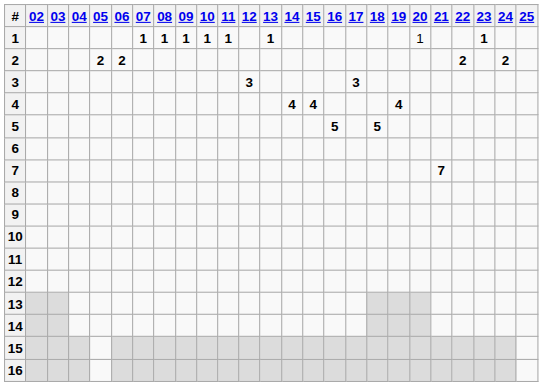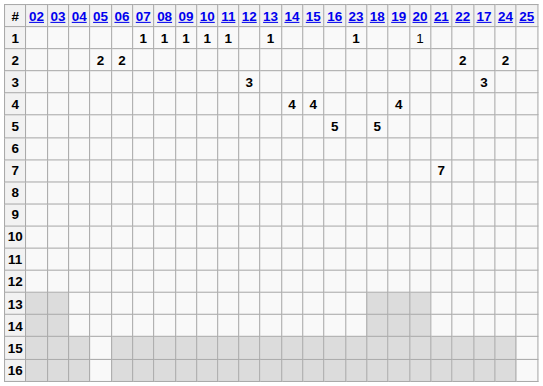 <table class="wikitable" style="text-align: center; font-size:80%">
 <tr>
 <th>#</th>
 <th><strong><a href='#'>02</a></strong></th>
 <th><strong><a href='#'>03</a></strong></th>
 <th><strong><a href='#'>04</a></strong></th>
 <th><strong><a href='#'>05</a></strong></th>
 <th><strong><a href='#'>06</a></strong></th>
 <th><strong><a href='#'>07</a></strong></th>
 <th><strong><a href='#'>08</a></strong></th>
 <th><strong><a href='#'>09</a></strong></th>
 <th><strong><a href='#'>10</a></strong></th>
 <th><strong><a href='#'>11</a></strong></th>
 <th><strong><a href='#'>12</a></strong></th>
 <th><strong><a href='#'>13</a></strong></th>
 <th><strong><a href='#'>14</a></strong></th>
 <th><strong><a href='#'>15</a></strong></th>
 <th><strong><a href='#'>16</a></strong></th>
-<th><strong><a href='#'>17</a></strong></th>
+<th><strong><a href='#'>23</a></strong></th>
 <th><strong><a href='#'>18</a></strong></th>
 <th><strong><a href='#'>19</a></strong></th>
 <th><strong><a href='#'>20</a></strong></th>
 <th><strong><a href='#'>21</a></strong></th>
 <th><strong><a href='#'>22</a></strong></th>
-<th><strong><a href='#'>23</a></strong></th>
+<th><strong><a href='#'>17</a></strong></th>
 <th><strong><a href='#'>24</a></strong></th>
 <th><strong><a href='#'>25</a></strong></th>
 </tr>
 <tr>
 <th>1</th>
 <td></td>
 <td></td>
 <td></td>
 <td></td>
 <td></td>
 <td><span><strong>1</strong></span></td>
 <td><span><strong>1</strong></span></td>
 <td><span><strong>1</strong></span></td>
 <td><span><strong>1</strong></span></td>
 <td><span><strong>1</strong></span></td>
 <td></td>
 <td><span><strong>1</strong></span></td>
 <td></td>
 <td></td>
 <td></td>
-<td></td>
+<td><span><strong>1</strong></span></td>
 <td></td>
 <td></td>
 <td><span>1</span></td>
 <td></td>
 <td></td>
-<td><span><strong>1</strong></span></td>
+<td></td>
 <td></td>
 <td></td>
 </tr>
 <tr>
 <th>2</th>
 <td></td>
 <td></td>
 <td></td>
 <td><span><strong>2</strong></span></td>
 <td><span><strong>2</strong></span></td>
 <td></td>
 <td></td>
 <td></td>
 <td></td>
 <td></td>
 <td></td>
 <td></td>
 <td></td>
 <td></td>
 <td></td>
 <td></td>
 <td></td>
 <td></td>
 <td></td>
 <td></td>
 <td><span><strong>2</strong></span></td>
 <td></td>
 <td><span><strong>2</strong></span></td>
 <td></td>
 </tr>
 <tr>
 <th>3</th>
 <td></td>
 <td></td>
 <td></td>
 <td></td>
 <td></td>
 <td></td>
 <td></td>
 <td></td>
 <td></td>
 <td></td>
 <td><span><strong>3</strong></span></td>
 <td></td>
 <td></td>
 <td></td>
 <td></td>
-<td><span><strong>3</strong></span></td>
 <td></td>
 <td></td>
 <td></td>
 <td></td>
 <td></td>
 <td></td>
+<td><span><strong>3</strong></span></td>
 <td></td>
 <td></td>
 </tr>
 <tr>
 <th>4</th>
 <td></td>
 <td></td>
 <td></td>
 <td></td>
 <td></td>
 <td></td>
 <td></td>
 <td></td>
 <td></td>
 <td></td>
 <td></td>
 <td></td>
 <td><span><strong>4</strong></span></td>
 <td><span><strong>4</strong></span></td>
 <td></td>
 <td></td>
 <td></td>
 <td><span><strong>4</strong></span></td>
 <td></td>
 <td></td>
 <td></td>
 <td></td>
 <td></td>
 <td></td>
 </tr>
 <tr>
 <th>5</th>
 <td></td>
 <td></td>
 <td></td>
 <td></td>
 <td></td>
 <td></td>
 <td></td>
 <td></td>
 <td></td>
 <td></td>
 <td></td>
 <td></td>
 <td></td>
 <td></td>
 <td><span><strong>5</strong></span></td>
 <td></td>
 <td><span><strong>5</strong></span></td>
 <td></td>
 <td></td>
 <td></td>
 <td></td>
 <td></td>
 <td></td>
 <td></td>
 </tr>
 <tr>
 <th>6</th>
 <td></td>
 <td></td>
 <td></td>
 <td></td>
 <td></td>
 <td></td>
 <td></td>
 <td></td>
 <td></td>
 <td></td>
 <td></td>
 <td></td>
 <td></td>
 <td></td>
 <td></td>
 <td></td>
 <td></td>
 <td></td>
 <td></td>
 <td></td>
 <td></td>
 <td></td>
 <td></td>
 <td></td>
 </tr>
 <tr>
 <th>7</th>
 <td></td>
 <td></td>
 <td></td>
 <td></td>
 <td></td>
 <td></td>
 <td></td>
 <td></td>
 <td></td>
 <td></td>
 <td></td>
 <td></td>
 <td></td>
 <td></td>
 <td></td>
 <td></td>
 <td></td>
 <td></td>
 <td></td>
 <td><span><strong>7</strong></span></td>
 <td></td>
 <td></td>
 <td></td>
 <td></td>
 </tr>
 <tr>
 <th>8</th>
 <td></td>
 <td></td>
 <td></td>
 <td></td>
 <td></td>
 <td></td>
 <td></td>
 <td></td>
 <td></td>
 <td></td>
 <td></td>
 <td></td>
 <td></td>
 <td></td>
 <td></td>
 <td></td>
 <td></td>
 <td></td>
 <td></td>
 <td></td>
 <td></td>
 <td></td>
 <td></td>
 <td></td>
 </tr>
 <tr>
 <th>9</th>
 <td></td>
 <td></td>
 <td></td>
 <td></td>
 <td></td>
 <td></td>
 <td></td>
 <td></td>
 <td></td>
 <td></td>
 <td></td>
 <td></td>
 <td></td>
 <td></td>
 <td></td>
 <td></td>
 <td></td>
 <td></td>
 <td></td>
 <td></td>
 <td></td>
 <td></td>
 <td></td>
 <td></td>
 </tr>
 <tr>
 <th>10</th>
 <td></td>
 <td></td>
 <td></td>
 <td></td>
 <td></td>
 <td></td>
 <td></td>
 <td></td>
 <td></td>
 <td></td>
 <td></td>
 <td></td>
 <td></td>
 <td></td>
 <td></td>
 <td></td>
 <td></td>
 <td></td>
 <td></td>
 <td></td>
 <td></td>
 <td></td>
 <td></td>
 <td></td>
 </tr>
 <tr>
 <th>11</th>
 <td></td>
 <td></td>
 <td></td>
 <td></td>
 <td></td>
 <td></td>
 <td></td>
 <td></td>
 <td></td>
 <td></td>
 <td></td>
 <td></td>
 <td></td>
 <td></td>
 <td></td>
 <td></td>
 <td></td>
 <td></td>
 <td></td>
 <td></td>
 <td></td>
 <td></td>
 <td></td>
 <td></td>
 </tr>
 <tr>
 <th>12</th>
 <td></td>
 <td></td>
 <td></td>
 <td></td>
 <td></td>
 <td></td>
 <td></td>
 <td></td>
 <td></td>
 <td></td>
 <td></td>
 <td></td>
 <td></td>
 <td></td>
 <td></td>
 <td></td>
 <td></td>
 <td></td>
 <td></td>
 <td></td>
 <td></td>
 <td></td>
 <td></td>
 <td></td>
 </tr>
 <tr>
 <th>13</th>
 <td style="background:#dcdcdc"></td>
 <td style="background:#dcdcdc"></td>
 <td></td>
 <td></td>
 <td></td>
 <td></td>
 <td></td>
 <td></td>
 <td></td>
 <td></td>
 <td></td>
 <td></td>
 <td></td>
 <td></td>
 <td></td>
 <td></td>
 <td style="background:#dcdcdc"></td>
 <td style="background:#dcdcdc"></td>
 <td style="background:#dcdcdc"></td>
 <td></td>
 <td></td>
 <td></td>
 <td></td>
 <td></td>
 </tr>
 <tr>
 <th>14</th>
 <td style="background:#dcdcdc"></td>
 <td style="background:#dcdcdc"></td>
 <td></td>
 <td></td>
 <td></td>
 <td></td>
 <td></td>
 <td></td>
 <td></td>
 <td></td>
 <td></td>
 <td></td>
 <td></td>
 <td></td>
 <td></td>
 <td></td>
 <td style="background:#dcdcdc"></td>
 <td style="background:#dcdcdc"></td>
 <td style="background:#dcdcdc"></td>
 <td></td>
 <td></td>
 <td></td>
 <td></td>
 <td></td>
 </tr>
 <tr>
 <th>15</th>
 <td style="background:#dcdcdc"></td>
 <td style="background:#dcdcdc"></td>
 <td style="background:#dcdcdc"></td>
 <td></td>
 <td style="background:#dcdcdc"></td>
 <td style="background:#dcdcdc"></td>
 <td style="background:#dcdcdc"></td>
 <td style="background:#dcdcdc"></td>
 <td style="background:#dcdcdc"></td>
 <td style="background:#dcdcdc"></td>
 <td style="background:#dcdcdc"></td>
 <td style="background:#dcdcdc"></td>
 <td style="background:#dcdcdc"></td>
 <td style="background:#dcdcdc"></td>
 <td style="background:#dcdcdc"></td>
 <td style="background:#dcdcdc"></td>
 <td style="background:#dcdcdc"></td>
 <td style="background:#dcdcdc"></td>
 <td style="background:#dcdcdc"></td>
 <td style="background:#dcdcdc"></td>
 <td style="background:#dcdcdc"></td>
 <td style="background:#dcdcdc"></td>
 <td style="background:#dcdcdc"></td>
 <td></td>
 </tr>
 <tr>
 <th>16</th>
 <td style="background:#dcdcdc"></td>
 <td style="background:#dcdcdc"></td>
 <td style="background:#dcdcdc"></td>
 <td></td>
 <td style="background:#dcdcdc"></td>
 <td style="background:#dcdcdc"></td>
 <td style="background:#dcdcdc"></td>
 <td style="background:#dcdcdc"></td>
 <td style="background:#dcdcdc"></td>
 <td style="background:#dcdcdc"></td>
 <td style="background:#dcdcdc"></td>
 <td style="background:#dcdcdc"></td>
 <td style="background:#dcdcdc"></td>
 <td style="background:#dcdcdc"></td>
 <td style="background:#dcdcdc"></td>
 <td style="background:#dcdcdc"></td>
 <td style="background:#dcdcdc"></td>
 <td style="background:#dcdcdc"></td>
 <td style="background:#dcdcdc"></td>
 <td style="background:#dcdcdc"></td>
 <td style="background:#dcdcdc"></td>
 <td style="background:#dcdcdc"></td>
 <td style="background:#dcdcdc"></td>
 <td></td>
 </tr>
 </table>
